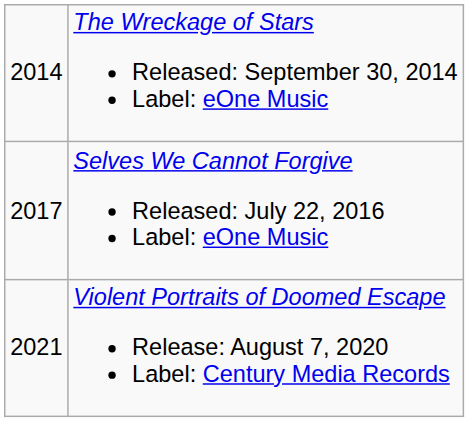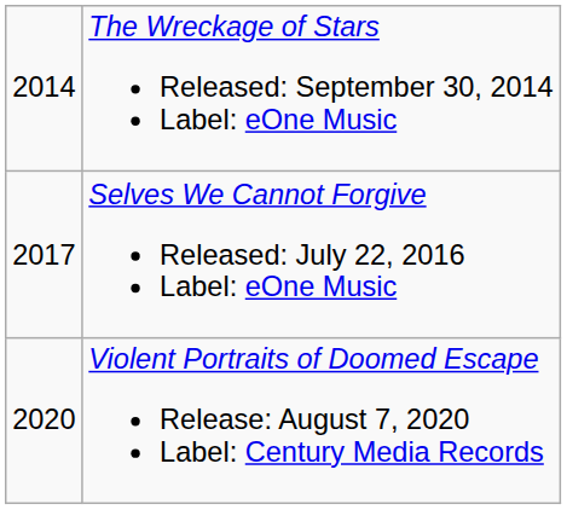 <table class="wikitable">
 <tr>
 <td>2014</td>
 <td><em><a href='#'>The Wreckage of Stars</a></em><br><ul><li>Released: September 30, 2014</li><li>Label: <a href='#'>eOne Music</a></li></ul></td>
 </tr>
 <tr>
 <td>2017</td>
 <td><em><a href='#'>Selves We Cannot Forgive</a></em><br><ul><li>Released: July 22, 2016</li><li>Label: <a href='#'>eOne Music</a></li></ul></td>
 </tr>
 <tr>
-<td>2021</td>
+<td>2020</td>
 <td><em><a href='#'>Violent Portraits of Doomed Escape</a></em><br><ul><li>Release: August 7, 2020</li><li>Label: <a href='#'>Century Media Records</a></li></ul></td>
 </tr>
 </table>
